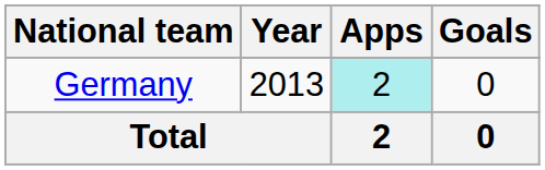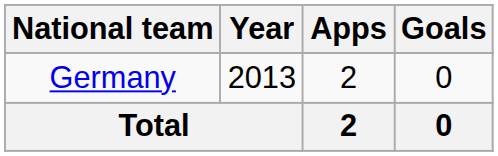 <table class="wikitable" style="text-align:center">
 <tr>
 <th>National team</th>
 <th>Year</th>
 <th>Apps</th>
 <th>Goals</th>
 </tr>
 <tr>
 <td rowspan="2"><a href='#'>Germany</a></td>
 </tr>
 <tr>
 <td>2013</td>
-<td style="background: paleturquoise;">2</td>
+<td>2</td>
 <td>0</td>
 </tr>
 <tr>
 <th colspan="2">Total</th>
 <th>2</th>
 <th>0</th>
 </tr>
 </table>
